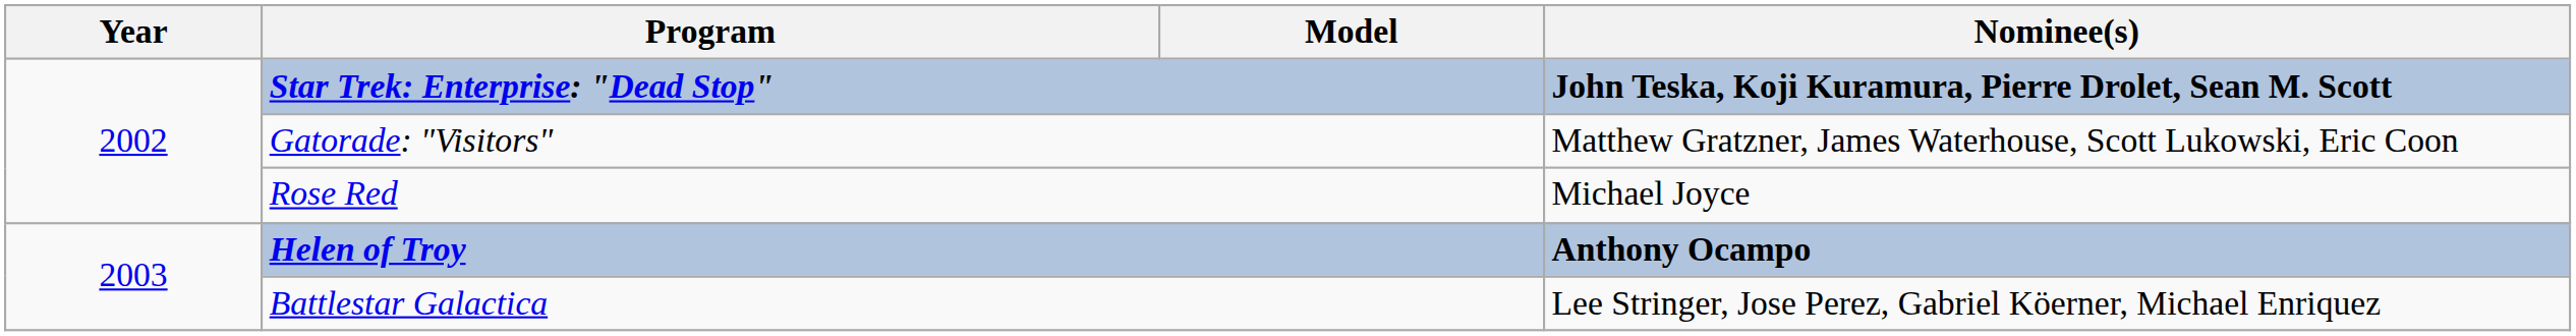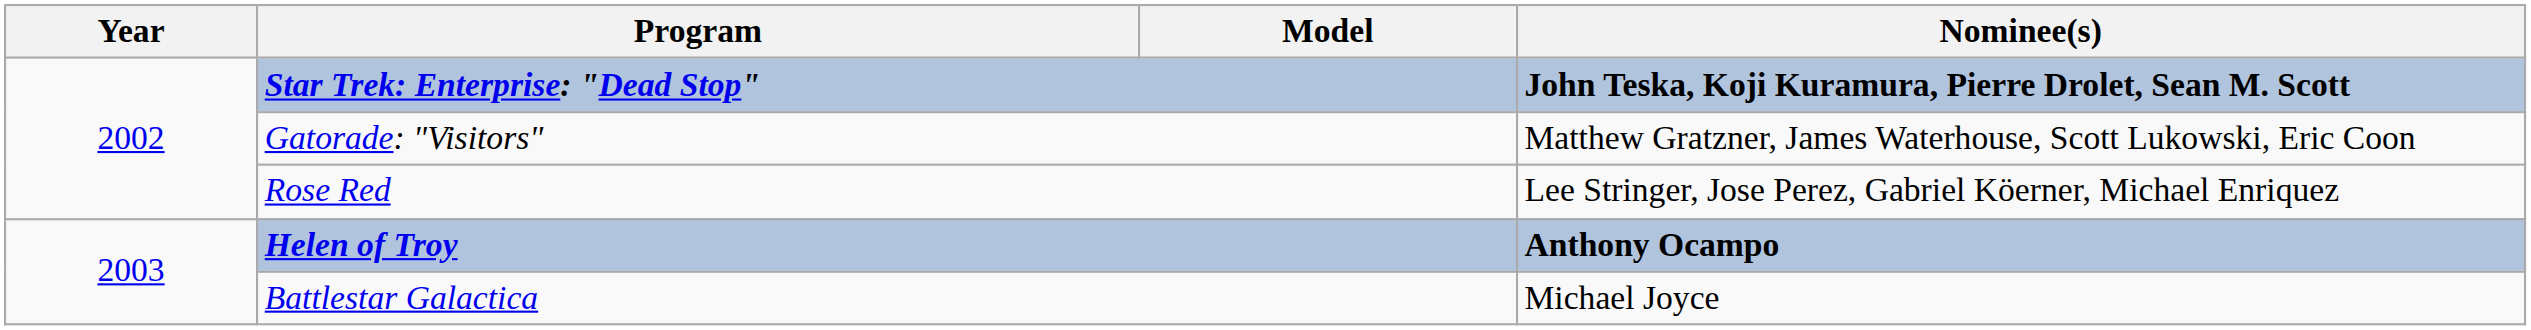 <table class="wikitable" width="95%" cellpadding="5">
 <tr>
 <th width="10%">Year</th>
 <th width="35%">Program</th>
 <th width="15%">Model</th>
 <th width="45%">Nominee(s)</th>
 </tr>
 <tr>
 <td rowspan="3" style="text-align:center;"><a href='#'>2002</a><br></td>
 <td style="background:#B0C4DE;" colspan="2"><strong><em><a href='#'>Star Trek: Enterprise</a>: "<a href='#'>Dead Stop</a>"</em></strong></td>
 <td style="background:#B0C4DE;"><strong>John Teska, Koji Kuramura, Pierre Drolet, Sean M. Scott</strong></td>
 </tr>
 <tr>
 <td colspan="2"><em><a href='#'>Gatorade</a>: "Visitors"</em></td>
 <td>Matthew Gratzner, James Waterhouse, Scott Lukowski, Eric Coon</td>
 </tr>
 <tr>
 <td colspan="2"><em><a href='#'>Rose Red</a></em></td>
-<td>Michael Joyce</td>
+<td>Lee Stringer, Jose Perez, Gabriel Köerner, Michael Enriquez</td>
 </tr>
 <tr>
 <td rowspan="2" style="text-align:center;"><a href='#'>2003</a></td>
 <td style="background:#B0C4DE;" colspan="2"><strong><em><a href='#'>Helen of Troy</a></em></strong></td>
 <td style="background:#B0C4DE;"><strong>Anthony Ocampo</strong></td>
 </tr>
 <tr>
 <td colspan="2"><em><a href='#'>Battlestar Galactica</a></em></td>
-<td>Lee Stringer, Jose Perez, Gabriel Köerner, Michael Enriquez</td>
+<td>Michael Joyce</td>
 </tr>
 </table>
